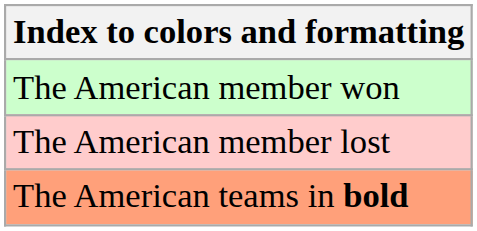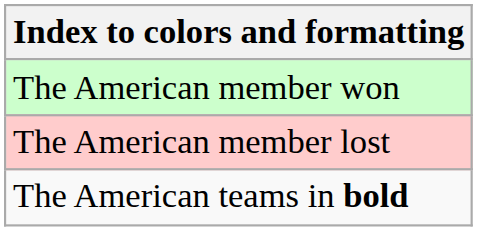 <table class="wikitable">
 <tr>
 <th>Index to colors and formatting</th>
 </tr>
 <tr style="background:#cfc;">
 <td>The American member won</td>
 </tr>
 <tr style="background:#fcc;">
 <td>The American member lost</td>
 </tr>
 <tr>
-<td style="background: lightsalmon;">The American teams in <strong>bold</strong></td>
+<td>The American teams in <strong>bold</strong></td>
 </tr>
 </table>
